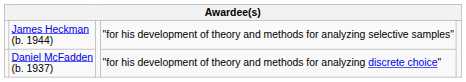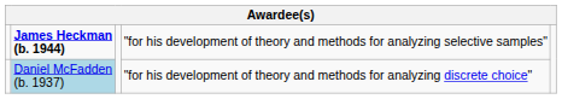 <table class="wikitable">
 <tr>
 <th colspan="5">Awardee(s)</th>
 </tr>
 <tr>
 <td></td>
-<td><a href='#'>James Heckman</a><br>(b. 1944)</td>
+<td><strong><a href='#'>James Heckman</a><br>(b. 1944)</strong></td>
 <td rowspan="2"></td>
 <td>"for his development of theory and methods for analyzing selective samples"</td>
 <td rowspan="2"></td>
 </tr>
 <tr>
 <td></td>
-<td><a href='#'>Daniel McFadden</a><br>(b. 1937)</td>
+<td style="background: lightblue;"><a href='#'>Daniel McFadden</a><br>(b. 1937)</td>
 <td>"for his development of theory and methods for analyzing <a href='#'>discrete choice</a>"</td>
 </tr>
 </table>
